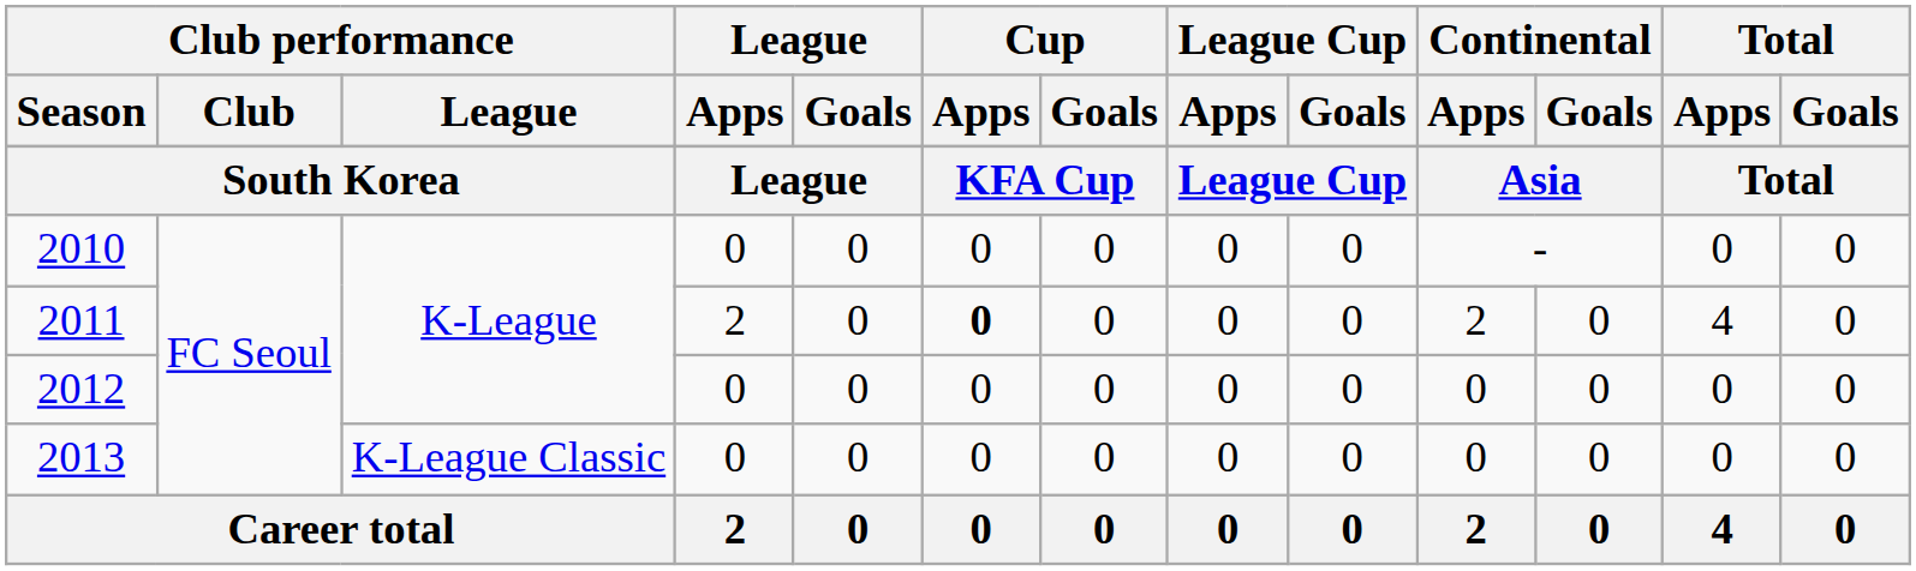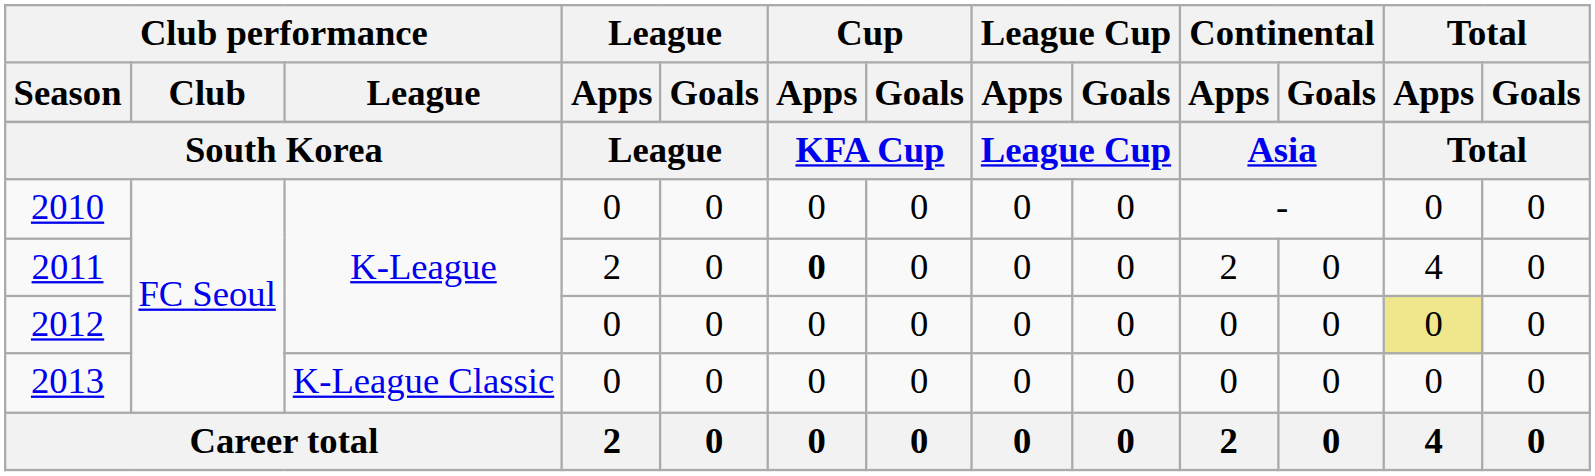 <table class="wikitable" style="text-align:center">
 <tr>
 <th colspan=3>Club performance</th>
 <th colspan=2>League</th>
 <th colspan=2>Cup</th>
 <th colspan=2>League Cup</th>
 <th colspan=2>Continental</th>
 <th colspan=2>Total</th>
 </tr>
 <tr>
 <th>Season</th>
 <th>Club</th>
 <th>League</th>
 <th>Apps</th>
 <th>Goals</th>
 <th>Apps</th>
 <th>Goals</th>
 <th>Apps</th>
 <th>Goals</th>
 <th>Apps</th>
 <th>Goals</th>
 <th>Apps</th>
 <th>Goals</th>
 </tr>
 <tr>
 </tr>
 <tr>
 <th colspan=3>South Korea</th>
 <th colspan=2>League</th>
 <th colspan=2><a href='#'>KFA Cup</a></th>
 <th colspan=2><a href='#'>League Cup</a></th>
 <th colspan=2><a href='#'>Asia</a></th>
 <th colspan=2>Total</th>
 </tr>
 <tr>
 <td><a href='#'>2010</a></td>
 <td rowspan="4"><a href='#'>FC Seoul</a></td>
 <td rowspan="3"><a href='#'>K-League</a></td>
 <td>0</td>
 <td>0</td>
 <td>0</td>
 <td>0</td>
 <td>0</td>
 <td>0</td>
 <td colspan="2">-</td>
 <td>0</td>
 <td>0</td>
 </tr>
 <tr>
 <td><a href='#'>2011</a></td>
 <td>2</td>
 <td>0</td>
 <td><strong>0</strong></td>
 <td>0</td>
 <td>0</td>
 <td>0</td>
 <td>2</td>
 <td>0</td>
 <td>4</td>
 <td>0</td>
 </tr>
 <tr>
 <td><a href='#'>2012</a></td>
 <td>0</td>
 <td>0</td>
 <td>0</td>
 <td>0</td>
 <td>0</td>
 <td>0</td>
 <td>0</td>
 <td>0</td>
-<td>0</td>
+<td style="background: khaki;">0</td>
 <td>0</td>
 </tr>
 <tr>
 <td><a href='#'>2013</a></td>
 <td rowspan="1"><a href='#'>K-League Classic</a></td>
 <td>0</td>
 <td>0</td>
 <td>0</td>
 <td>0</td>
 <td>0</td>
 <td>0</td>
 <td>0</td>
 <td>0</td>
 <td>0</td>
 <td>0</td>
 </tr>
 <tr>
 <th colspan=3>Career total</th>
 <th>2</th>
 <th>0</th>
 <th>0</th>
 <th>0</th>
 <th>0</th>
 <th>0</th>
 <th>2</th>
 <th>0</th>
 <th>4</th>
 <th>0</th>
 </tr>
 </table>
